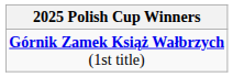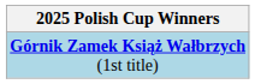 <table class=wikitable style="text-align:center; margin:auto">
 <tr>
 <th>2025 Polish Cup Winners</th>
 </tr>
 <tr>
-<td><strong><a href='#'>Górnik Zamek Książ Wałbrzych</a></strong><br>(1st title)</td>
+<td style="background: lightblue;"><strong><a href='#'>Górnik Zamek Książ Wałbrzych</a></strong><br>(1st title)</td>
 </tr>
 </table>
